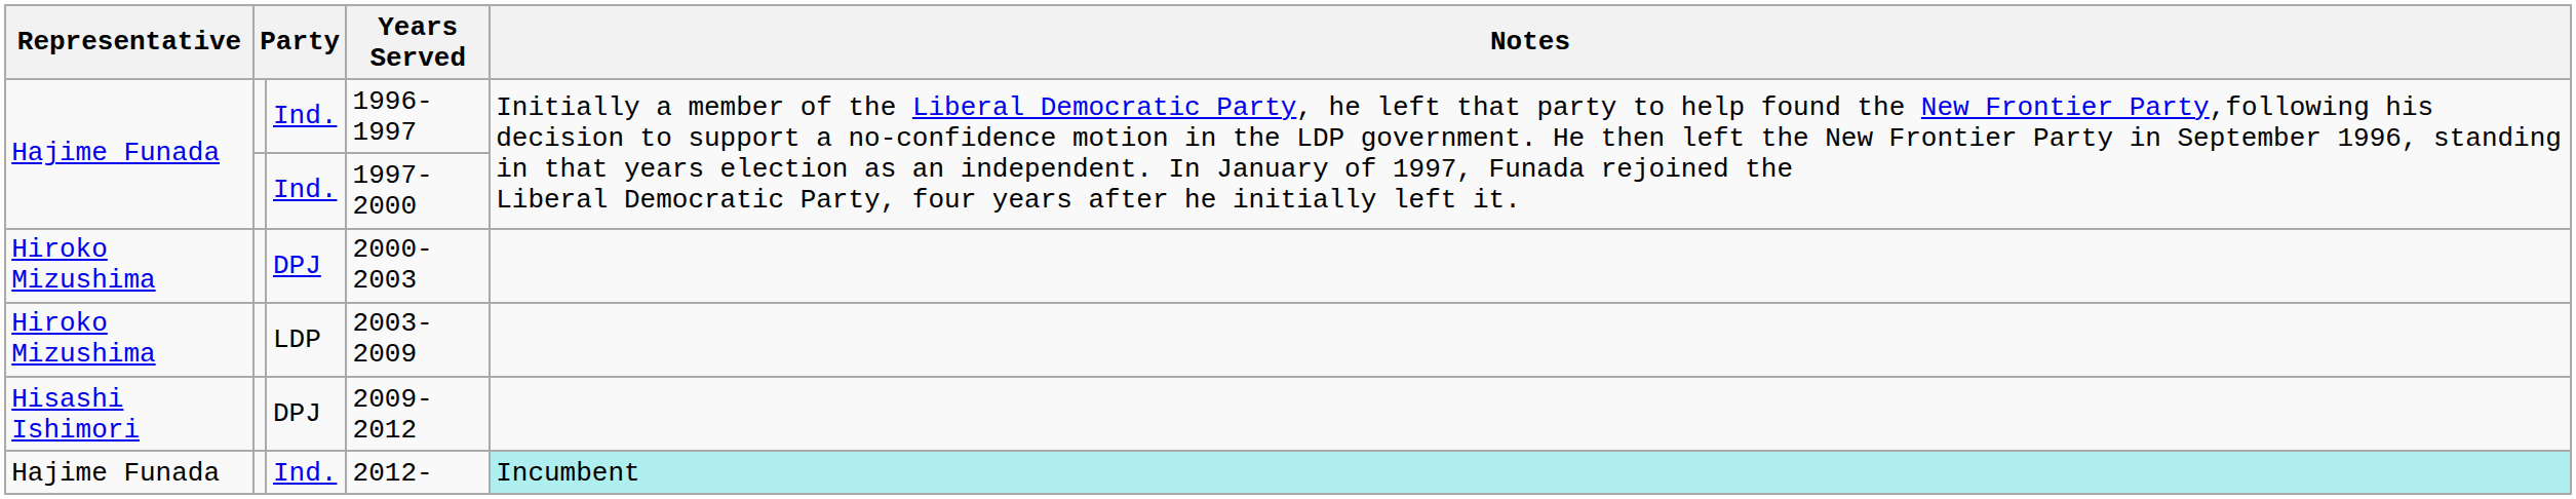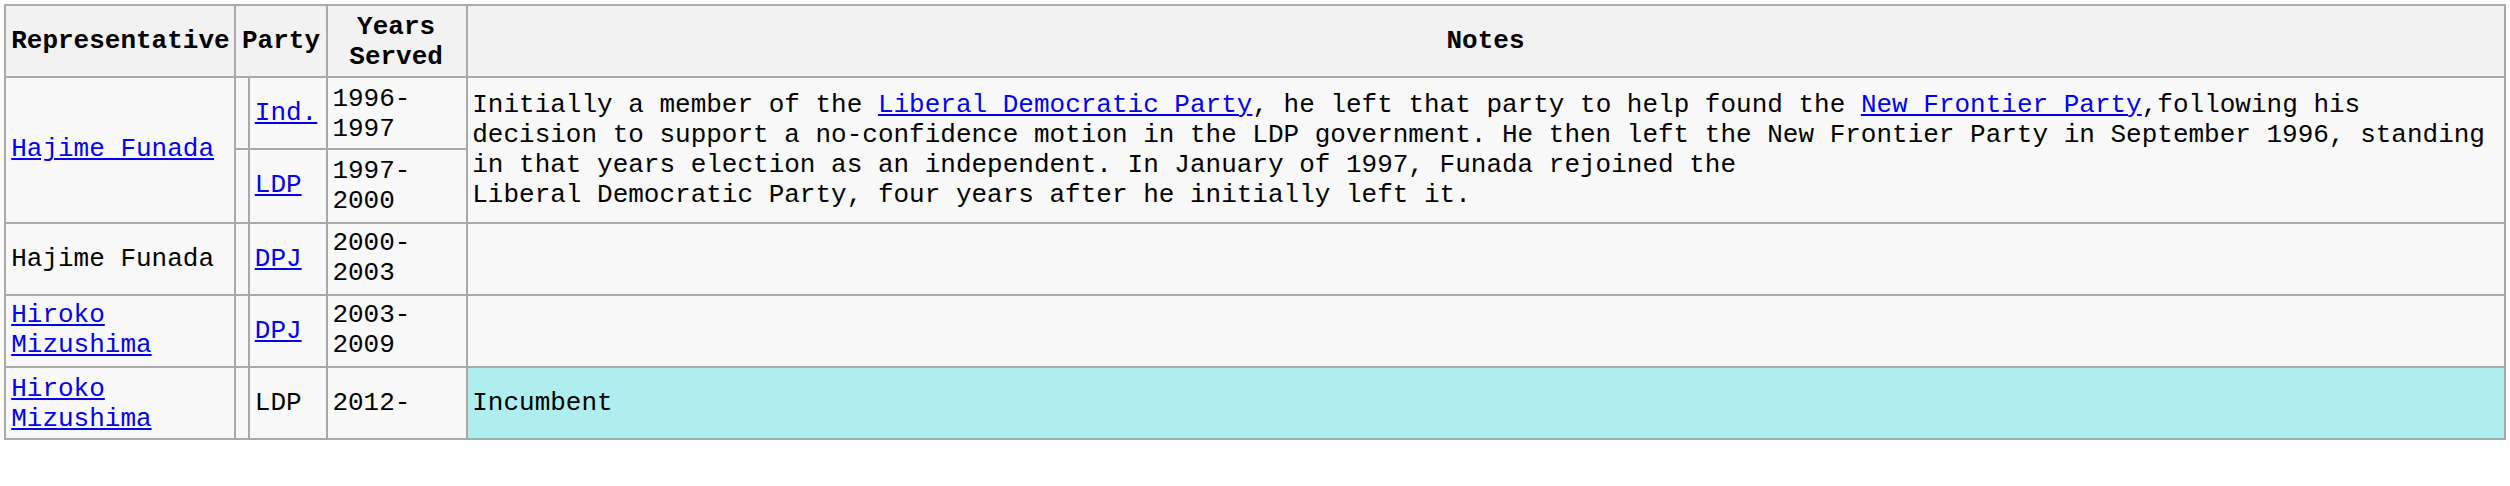 <table class="wikitable">
 <tr>
 <th>Representative</th>
 <th colspan="2">Party</th>
 <th>Years Served</th>
 <th>Notes</th>
 </tr>
 <tr>
 <td rowspan="2"><a href='#'>Hajime Funada</a></td>
 <td></td>
 <td><a href='#'>Ind.</a></td>
 <td>1996-1997</td>
 <td rowspan="2">Initially a member of the <a href='#'>Liberal Democratic Party</a>, he left that party to help found the <a href='#'>New Frontier Party</a>,following his decision to support a no-confidence motion in the LDP government. He then left the New Frontier Party in September 1996, standing in that years election as an independent. In January of 1997, Funada rejoined the<br>Liberal Democratic Party, four years after he initially left it.</td>
 </tr>
 <tr>
 <td></td>
-<td><a href='#'>Ind.</a></td>
+<td><a href='#'>LDP</a></td>
 <td>1997-2000</td>
 </tr>
 <tr>
-<td><a href='#'>Hiroko</a><br><a href='#'>Mizushima</a></td>
+<td>Hajime Funada</td>
 <td></td>
 <td><a href='#'>DPJ</a></td>
 <td>2000-2003</td>
 <td></td>
 </tr>
 <tr>
 <td><a href='#'>Hiroko</a><br><a href='#'>Mizushima</a></td>
 <td></td>
-<td>LDP</td>
+<td><a href='#'>DPJ</a></td>
 <td>2003-2009</td>
 <td></td>
 </tr>
 <tr>
-<td><a href='#'>Hisashi Ishimori</a></td>
+<td><a href='#'>Hiroko</a><br><a href='#'>Mizushima</a></td>
 <td></td>
-<td>DPJ</td>
-<td>2009-2012</td>
-<td></td>
-</tr>
-<tr>
-<td>Hajime Funada</td>
-<td></td>
-<td><a href='#'>Ind.</a></td>
+<td>LDP</td>
 <td>2012-</td>
 <td style="background: paleturquoise;">Incumbent</td>
 </tr>
 </table>
